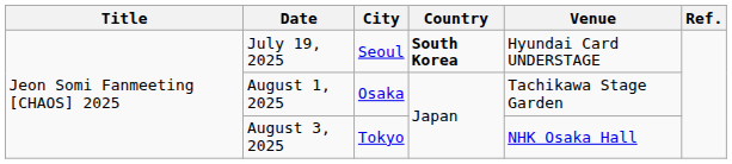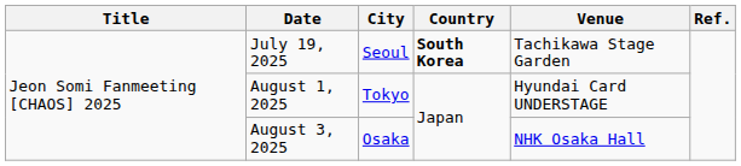 <table class="wikitable">
 <tr>
 <th scope="col">Title</th>
 <th>Date</th>
 <th>City</th>
 <th>Country</th>
 <th>Venue</th>
 <th><abbr>Ref.</abbr></th>
 </tr>
 <tr>
 <td rowspan="3">Jeon Somi Fanmeeting [CHAOS] 2025</td>
 <td>July 19, 2025</td>
 <td><a href='#'>Seoul</a></td>
 <td><strong>South Korea</strong></td>
-<td>Hyundai Card UNDERSTAGE</td>
+<td>Tachikawa Stage Garden</td>
 <td rowspan="3"></td>
 </tr>
 <tr>
 <td>August 1, 2025</td>
-<td><a href='#'>Osaka</a></td>
+<td><a href='#'>Tokyo</a></td>
 <td rowspan="2">Japan</td>
-<td>Tachikawa Stage Garden</td>
+<td>Hyundai Card UNDERSTAGE</td>
 </tr>
 <tr>
 <td>August 3, 2025</td>
-<td><a href='#'>Tokyo</a></td>
+<td><a href='#'>Osaka</a></td>
 <td><a href='#'>NHK Osaka Hall</a></td>
 </tr>
 </table>
